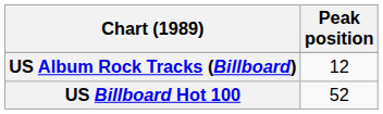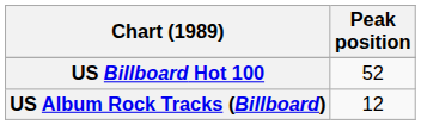 <table class="wikitable sortable plainrowheaders" style="text-aligh:center">
 <tr>
 <th scope=col>Chart (1989)</th>
 <th scope=col>Peak<br>position</th>
 </tr>
 <tr>
 </tr>
 <tr>
+<th scope="row">US <a href='#'><em>Billboard</em> Hot 100</a></th>
+<td style="text-align:center;">52</td>
+</tr>
+<tr>
 <th scope="row">US <a href='#'>Album Rock Tracks</a> (<em><a href='#'>Billboard</a></em>)</th>
 <td style="text-align:center;">12</td>
 </tr>
-<tr>
-<th scope="row">US <a href='#'><em>Billboard</em> Hot 100</a></th>
-<td style="text-align:center;">52</td>
-</tr>
 </table>
